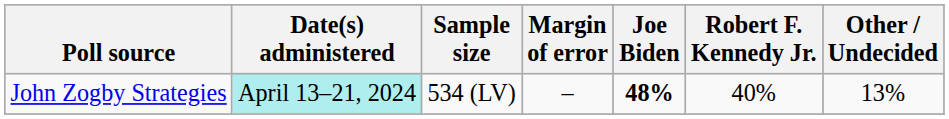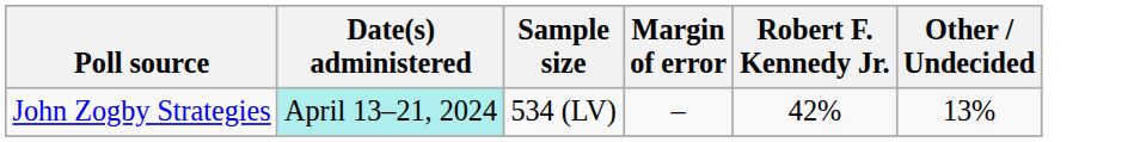 <table class="wikitable sortable mw-datatable" style="font-size:90%;text-align:center;line-height:17px">
 <tr valign=bottom>
 <th>Poll source</th>
 <th>Date(s)<br>administered</th>
 <th>Sample<br>size</th>
 <th>Margin<br>of error</th>
-<th class="unsortable">Joe<br>Biden<br></th>
 <th class="unsortable">Robert F.<br>Kennedy Jr.<br></th>
 <th class="unsortable">Other /<br>Undecided</th>
 </tr>
 <tr>
 <td style="text-align:left;"><a href='#'>John Zogby Strategies</a></td>
 <td data-sort-value="2024-05-01" style="background: paleturquoise;">April 13–21, 2024</td>
 <td>534 (LV)</td>
 <td>–</td>
-<td style="color:black;background-color:"><strong>48%</strong></td>
-<td>40%</td>
+<td>42%</td>
 <td>13%</td>
 </tr>
 </table>
